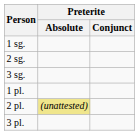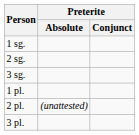 <table class=wikitable>
 <tr>
 <th rowspan=2>Person</th>
 <th colspan="2" style="text-align:center;">Preterite</th>
 </tr>
 <tr>
 <th>Absolute</th>
 <th>Conjunct</th>
 </tr>
 <tr>
 <td>1 sg.</td>
 <td></td>
 <td></td>
 </tr>
 <tr>
 <td>2 sg.</td>
 <td></td>
 <td></td>
 </tr>
 <tr>
 <td>3 sg.</td>
 <td></td>
 <td></td>
 </tr>
 <tr>
 <td>1 pl.</td>
 <td></td>
 <td></td>
 </tr>
 <tr>
 <td>2 pl.</td>
-<td style="background: khaki;"><em>(unattested)</em></td>
+<td><em>(unattested)</em></td>
 <td></td>
 </tr>
 <tr>
 <td>3 pl.</td>
 <td></td>
 <td></td>
 </tr>
 </table>
